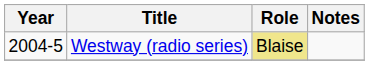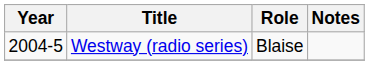 <table class="wikitable sortable">
 <tr>
 <th>Year</th>
 <th>Title</th>
 <th>Role</th>
 <th class=unsortable>Notes</th>
 </tr>
 <tr>
 <td>2004-5</td>
 <td><a href='#'>Westway (radio series)</a></td>
-<td style="background: khaki;">Blaise</td>
+<td>Blaise</td>
 <td></td>
 </tr>
 <tr>
 </tr>
 </table>
